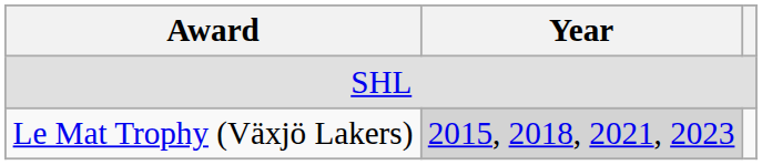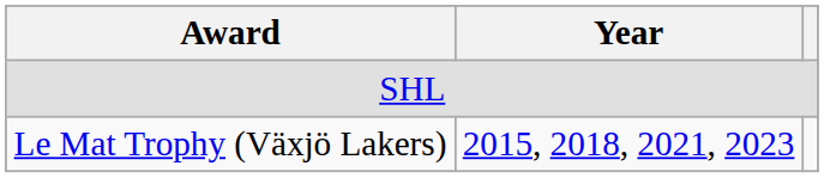 <table class="wikitable">
 <tr>
 <th>Award</th>
 <th>Year</th>
 <th></th>
 </tr>
 <tr ALIGN="center" bgcolor="#e0e0e0">
 <td colspan="3"><a href='#'>SHL</a></td>
 </tr>
 <tr>
 <td><a href='#'>Le Mat Trophy</a> (Växjö Lakers)</td>
-<td style="background: lightgrey;"><a href='#'>2015</a>, <a href='#'>2018</a>, <a href='#'>2021</a>, <a href='#'>2023</a></td>
+<td><a href='#'>2015</a>, <a href='#'>2018</a>, <a href='#'>2021</a>, <a href='#'>2023</a></td>
 <td></td>
 </tr>
 </table>
